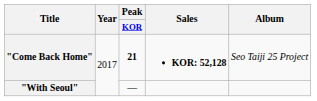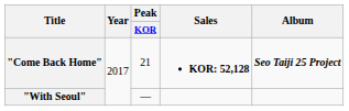 <table class="wikitable plainrowheaders" style="text-align:center;">
 <tr>
 <th scope="col" rowspan="2">Title</th>
 <th rowspan="2">Year</th>
 <th>Peak</th>
 <th scope="col" rowspan="2">Sales</th>
 <th scope="col" rowspan="2">Album</th>
 </tr>
 <tr>
 <th scope="col" style="width:2.5em;font-size:90%;"><a href='#'>KOR</a><br></th>
 </tr>
 <tr>
 <th scope="row">"Come Back Home"</th>
 <td rowspan="2">2017</td>
-<td><strong>21</strong></td>
+<td>21</td>
 <td><strong><br><ul><li>KOR: 52,128</li></ul></strong></td>
-<td><em>Seo Taiji 25 Project</em></td>
+<td><strong><em>Seo Taiji 25 Project</em></strong></td>
 </tr>
 <tr>
 <th scope="row">"With Seoul"</th>
 <td>—</td>
 <td></td>
 <td></td>
 </tr>
 </table>
